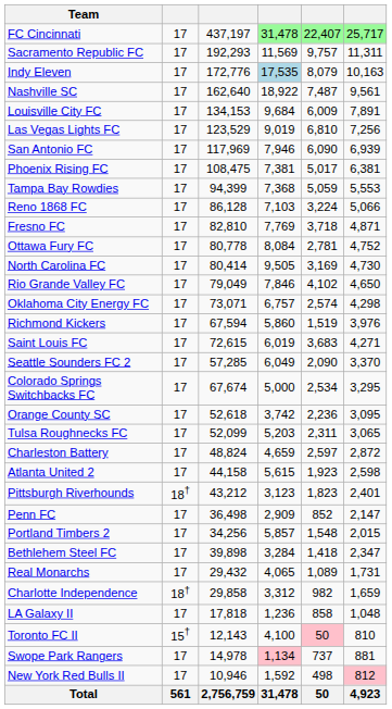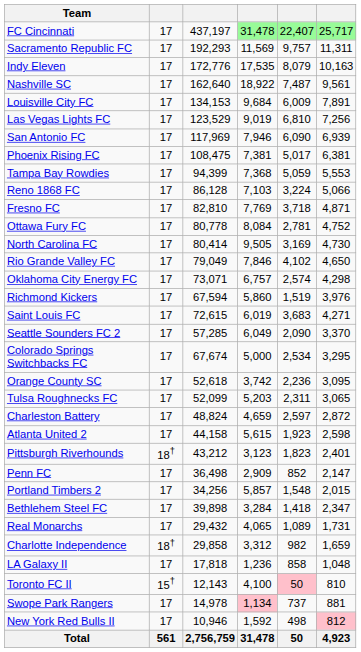 <table class="wikitable sortable">
 <tr>
 <th width=200>Team</th>
 <th width=40></th>
 <th width=40></th>
 <th width=40></th>
 <th width=40></th>
 <th width=40></th>
 </tr>
 <tr align=center>
 <td align=left><a href='#'>FC Cincinnati</a></td>
 <td>17</td>
 <td>437,197</td>
 <td bgcolor="#98fb98">31,478</td>
 <td bgcolor="#98fb98">22,407</td>
 <td bgcolor="#98fb98">25,717</td>
 </tr>
 <tr align=center>
 <td align=left><a href='#'>Sacramento Republic FC</a></td>
 <td>17</td>
 <td>192,293</td>
 <td>11,569</td>
 <td>9,757</td>
 <td>11,311</td>
 </tr>
 <tr align=center>
 <td align=left><a href='#'>Indy Eleven</a></td>
 <td>17</td>
 <td>172,776</td>
-<td style="background: lightblue;">17,535</td>
+<td>17,535</td>
 <td>8,079</td>
 <td>10,163</td>
 </tr>
 <tr align=center>
 <td align=left><a href='#'>Nashville SC</a></td>
 <td>17</td>
 <td>162,640</td>
 <td>18,922</td>
 <td>7,487</td>
 <td>9,561</td>
 </tr>
 <tr align=center>
 <td align=left><a href='#'>Louisville City FC</a></td>
 <td>17</td>
 <td>134,153</td>
 <td>9,684</td>
 <td>6,009</td>
 <td>7,891</td>
 </tr>
 <tr align=center>
 <td align=left><a href='#'>Las Vegas Lights FC</a></td>
 <td>17</td>
 <td>123,529</td>
 <td>9,019</td>
 <td>6,810</td>
 <td>7,256</td>
 </tr>
 <tr align=center>
 <td align=left><a href='#'>San Antonio FC</a></td>
 <td>17</td>
 <td>117,969</td>
 <td>7,946</td>
 <td>6,090</td>
 <td>6,939</td>
 </tr>
 <tr align=center>
 <td align=left><a href='#'>Phoenix Rising FC</a></td>
 <td>17</td>
 <td>108,475</td>
 <td>7,381</td>
 <td>5,017</td>
 <td>6,381</td>
 </tr>
 <tr align=center>
 <td align=left><a href='#'>Tampa Bay Rowdies</a></td>
 <td>17</td>
 <td>94,399</td>
 <td>7,368</td>
 <td>5,059</td>
 <td>5,553</td>
 </tr>
 <tr align=center>
 <td align=left><a href='#'>Reno 1868 FC</a></td>
 <td>17</td>
 <td>86,128</td>
 <td>7,103</td>
 <td>3,224</td>
 <td>5,066</td>
 </tr>
 <tr align=center>
 <td align=left><a href='#'>Fresno FC</a></td>
 <td>17</td>
 <td>82,810</td>
 <td>7,769</td>
 <td>3,718</td>
 <td>4,871</td>
 </tr>
 <tr align=center>
 <td align=left><a href='#'>Ottawa Fury FC</a></td>
 <td>17</td>
 <td>80,778</td>
 <td>8,084</td>
 <td>2,781</td>
 <td>4,752</td>
 </tr>
 <tr align=center>
 <td align=left><a href='#'>North Carolina FC</a></td>
 <td>17</td>
 <td>80,414</td>
 <td>9,505</td>
 <td>3,169</td>
 <td>4,730</td>
 </tr>
 <tr align=center>
 <td align=left><a href='#'>Rio Grande Valley FC</a></td>
 <td>17</td>
 <td>79,049</td>
 <td>7,846</td>
 <td>4,102</td>
 <td>4,650</td>
 </tr>
 <tr align=center>
 <td align=left><a href='#'>Oklahoma City Energy FC</a></td>
 <td>17</td>
 <td>73,071</td>
 <td>6,757</td>
 <td>2,574</td>
 <td>4,298</td>
 </tr>
 <tr align=center>
 <td align=left><a href='#'>Richmond Kickers</a></td>
 <td>17</td>
 <td>67,594</td>
 <td>5,860</td>
 <td>1,519</td>
 <td>3,976</td>
 </tr>
 <tr align=center>
 <td align=left><a href='#'>Saint Louis FC</a></td>
 <td>17</td>
 <td>72,615</td>
 <td>6,019</td>
 <td>3,683</td>
 <td>4,271</td>
 </tr>
 <tr align=center>
 <td align=left><a href='#'>Seattle Sounders FC 2</a></td>
 <td>17</td>
 <td>57,285</td>
 <td>6,049</td>
 <td>2,090</td>
 <td>3,370</td>
 </tr>
 <tr align=center>
 <td align=left><a href='#'>Colorado Springs Switchbacks FC</a></td>
 <td>17</td>
 <td>67,674</td>
 <td>5,000</td>
 <td>2,534</td>
 <td>3,295</td>
 </tr>
 <tr align=center>
 <td align=left><a href='#'>Orange County SC</a></td>
 <td>17</td>
 <td>52,618</td>
 <td>3,742</td>
 <td>2,236</td>
 <td>3,095</td>
 </tr>
 <tr align=center>
 <td align=left><a href='#'>Tulsa Roughnecks FC</a></td>
 <td>17</td>
 <td>52,099</td>
 <td>5,203</td>
 <td>2,311</td>
 <td>3,065</td>
 </tr>
 <tr align=center>
 <td align=left><a href='#'>Charleston Battery</a></td>
 <td>17</td>
 <td>48,824</td>
 <td>4,659</td>
 <td>2,597</td>
 <td>2,872</td>
 </tr>
 <tr align=center>
 <td align=left><a href='#'>Atlanta United 2</a></td>
 <td>17</td>
 <td>44,158</td>
 <td>5,615</td>
 <td>1,923</td>
 <td>2,598</td>
 </tr>
 <tr align=center>
 <td align=left><a href='#'>Pittsburgh Riverhounds</a></td>
 <td>18<sup>†</sup></td>
 <td>43,212</td>
 <td>3,123</td>
 <td>1,823</td>
 <td>2,401</td>
 </tr>
 <tr align=center>
 <td align=left><a href='#'>Penn FC</a></td>
 <td>17</td>
 <td>36,498</td>
 <td>2,909</td>
 <td>852</td>
 <td>2,147</td>
 </tr>
 <tr align=center>
 <td align=left><a href='#'>Portland Timbers 2</a></td>
 <td>17</td>
 <td>34,256</td>
 <td>5,857</td>
 <td>1,548</td>
 <td>2,015</td>
 </tr>
 <tr align=center>
 <td align=left><a href='#'>Bethlehem Steel FC</a></td>
 <td>17</td>
 <td>39,898</td>
 <td>3,284</td>
 <td>1,418</td>
 <td>2,347</td>
 </tr>
 <tr align=center>
 <td align=left><a href='#'>Real Monarchs</a></td>
 <td>17</td>
 <td>29,432</td>
 <td>4,065</td>
 <td>1,089</td>
 <td>1,731</td>
 </tr>
 <tr align=center>
 <td align=left><a href='#'>Charlotte Independence</a></td>
 <td>18<sup>†</sup></td>
 <td>29,858</td>
 <td>3,312</td>
 <td>982</td>
 <td>1,659</td>
 </tr>
 <tr align=center>
 <td align=left><a href='#'>LA Galaxy II</a></td>
 <td>17</td>
 <td>17,818</td>
 <td>1,236</td>
 <td>858</td>
 <td>1,048</td>
 </tr>
 <tr align=center>
 <td align=left><a href='#'>Toronto FC II</a></td>
 <td>15<sup>†</sup></td>
 <td>12,143</td>
 <td>4,100</td>
 <td bgcolor="#ffc0cb">50</td>
 <td>810</td>
 </tr>
 <tr align=center>
 <td align=left><a href='#'>Swope Park Rangers</a></td>
 <td>17</td>
 <td>14,978</td>
 <td bgcolor="#ffc0cb">1,134</td>
 <td>737</td>
 <td>881</td>
 </tr>
 <tr align=center>
 <td align=left><a href='#'>New York Red Bulls II</a></td>
 <td>17</td>
 <td>10,946</td>
 <td>1,592</td>
 <td>498</td>
 <td bgcolor="#ffc0cb">812</td>
 </tr>
 <tr align=center>
 <th align=left>Total</th>
 <th>561</th>
 <th>2,756,759</th>
 <th>31,478</th>
 <th>50</th>
 <th>4,923</th>
 </tr>
 </table>
